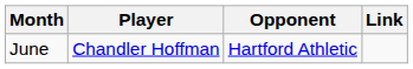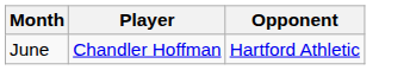 <table class=wikitable style="display:inline-table;">
 <tr>
 <th>Month</th>
 <th>Player</th>
 <th>Opponent</th>
-<th>Link</th>
 </tr>
 <tr>
 <td>June</td>
 <td> <a href='#'>Chandler Hoffman</a></td>
 <td><a href='#'>Hartford Athletic</a></td>
-<td></td>
 </tr>
 </table>
